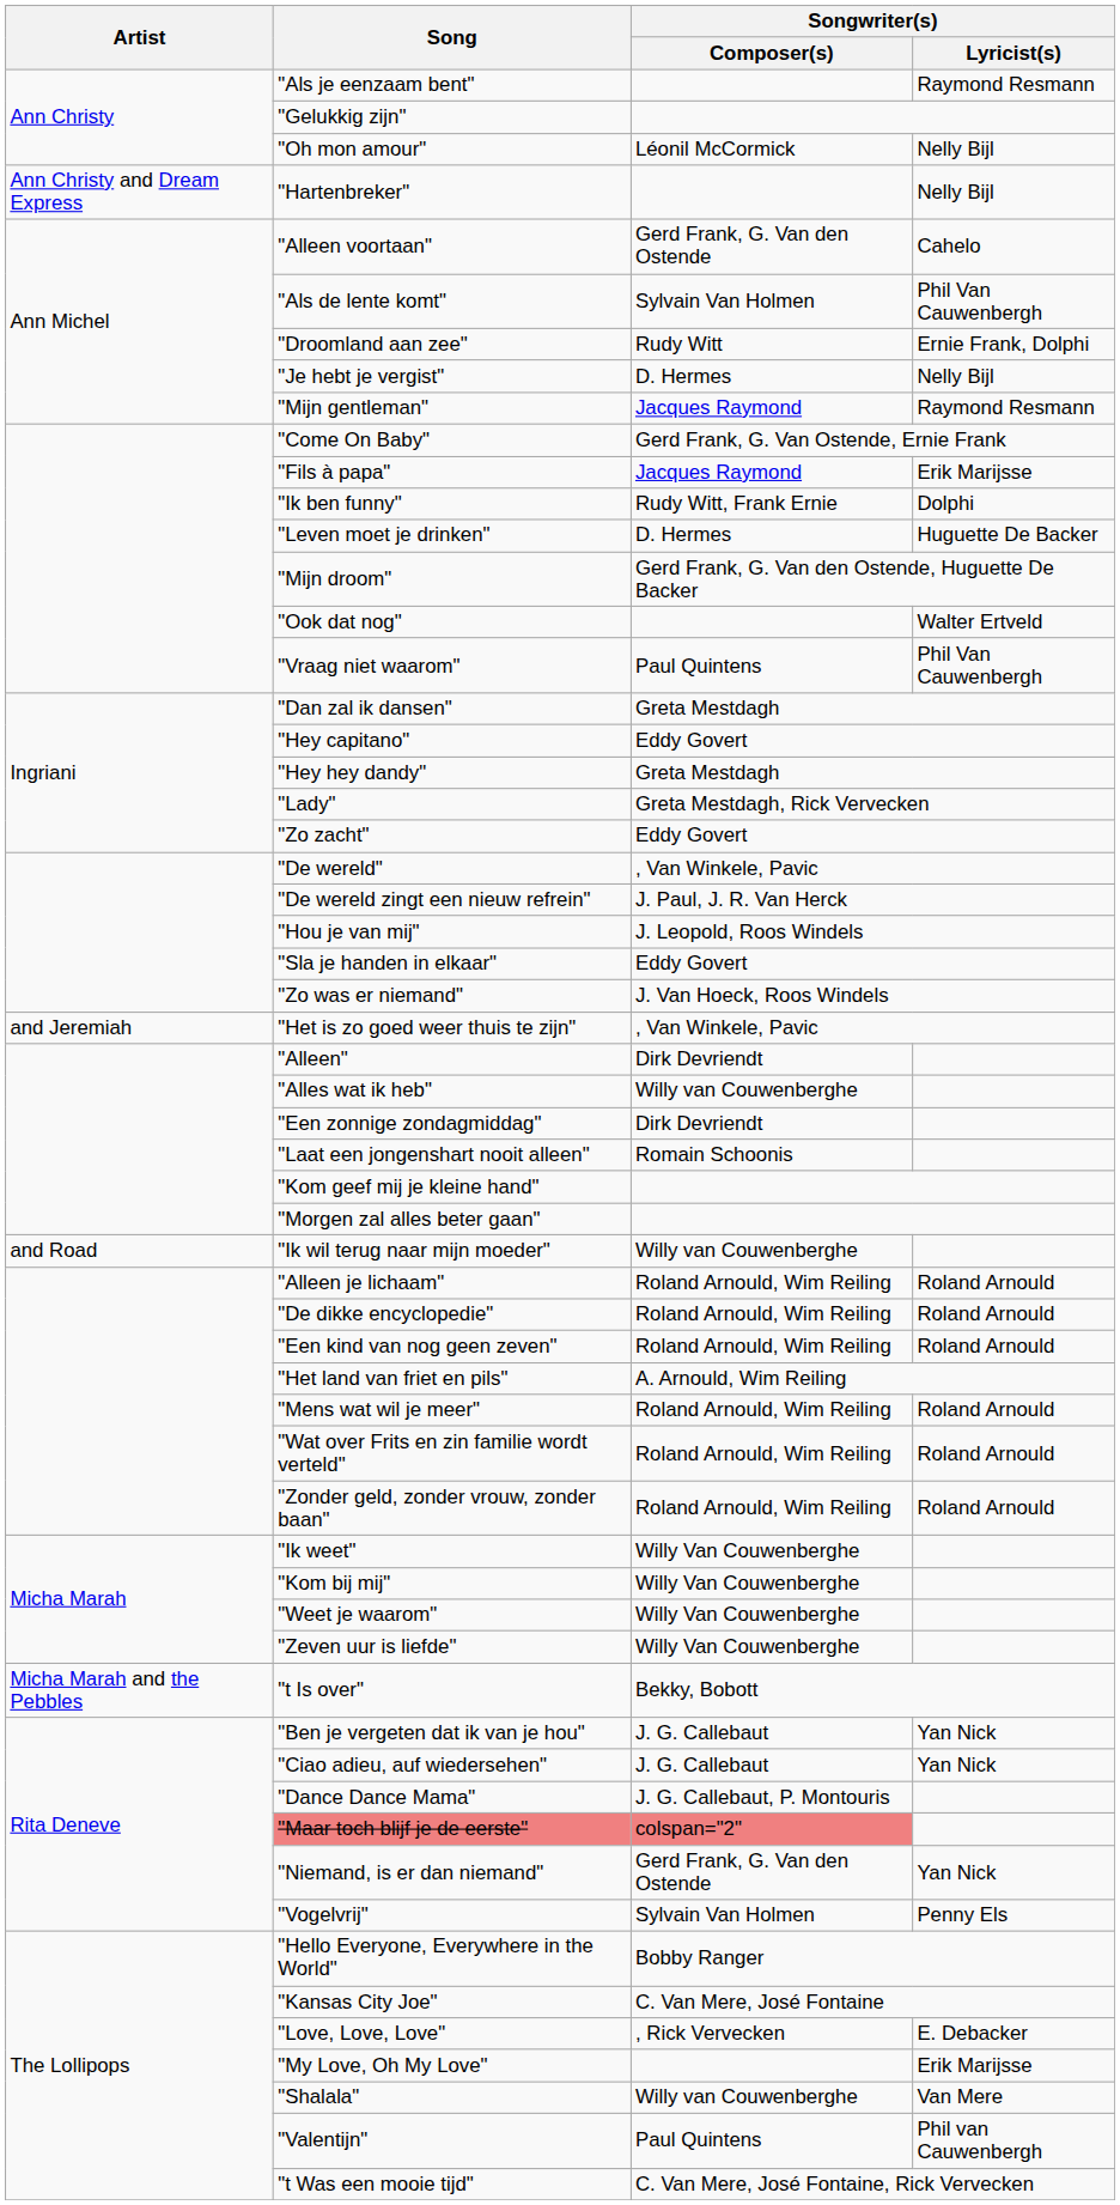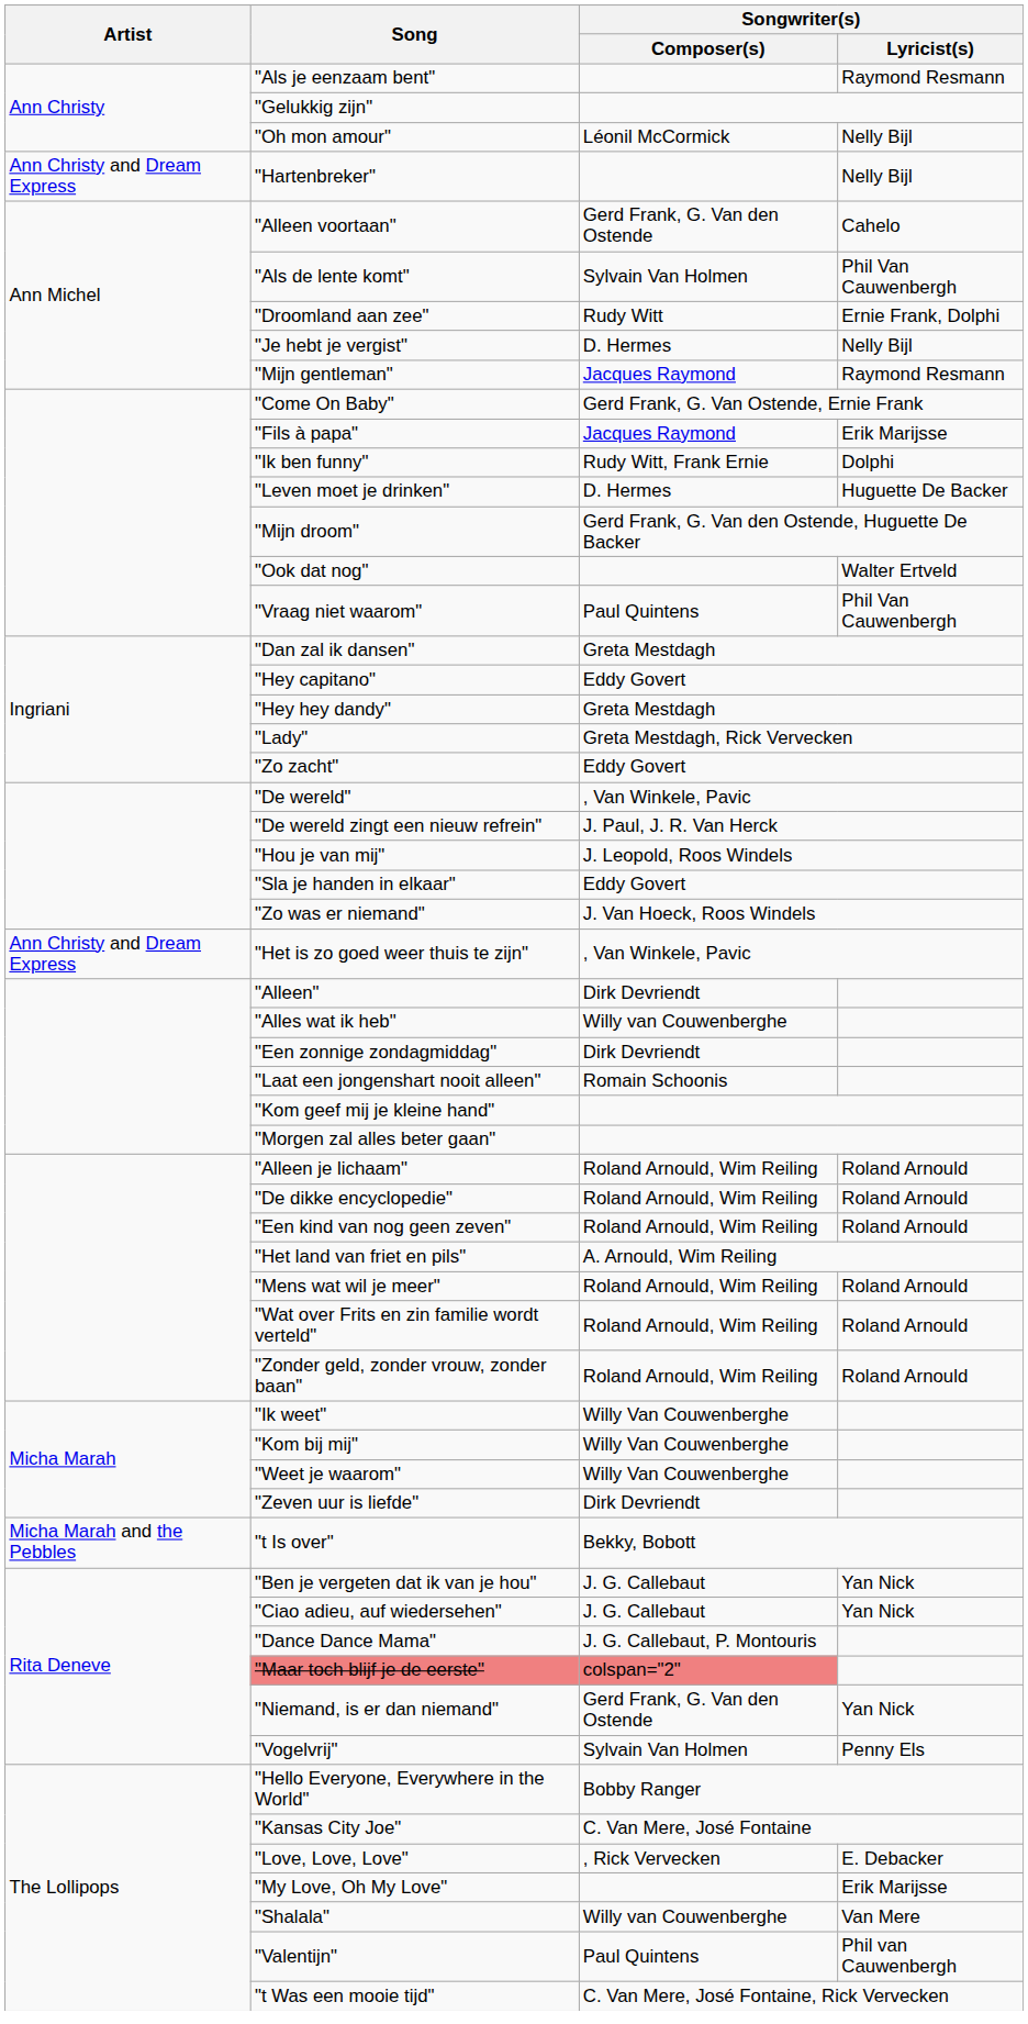 <table class="wikitable" style="margin: 1em auto 1em auto">
 <tr>
 <th rowspan="2">Artist</th>
 <th rowspan="2">Song</th>
 <th colspan="2">Songwriter(s)</th>
 </tr>
 <tr>
 <th>Composer(s)</th>
 <th>Lyricist(s)</th>
 </tr>
 <tr>
 <td rowspan="3"><a href='#'>Ann Christy</a></td>
 <td>"Als je eenzaam bent"</td>
 <td></td>
 <td>Raymond Resmann</td>
 </tr>
 <tr>
 <td>"Gelukkig zijn"</td>
 <td colspan="2"></td>
 </tr>
 <tr>
 <td>"Oh mon amour"</td>
 <td>Léonil McCormick</td>
 <td>Nelly Bijl</td>
 </tr>
 <tr>
 <td><a href='#'>Ann Christy</a> and <a href='#'>Dream Express</a></td>
 <td>"Hartenbreker"</td>
 <td></td>
 <td>Nelly Bijl</td>
 </tr>
 <tr>
 <td rowspan="5">Ann Michel</td>
 <td>"Alleen voortaan"</td>
 <td>Gerd Frank, G. Van den Ostende</td>
 <td>Cahelo</td>
 </tr>
 <tr>
 <td>"Als de lente komt"</td>
 <td>Sylvain Van Holmen</td>
 <td>Phil Van Cauwenbergh</td>
 </tr>
 <tr>
 <td>"Droomland aan zee"</td>
 <td>Rudy Witt</td>
 <td>Ernie Frank, Dolphi</td>
 </tr>
 <tr>
 <td>"Je hebt je vergist"</td>
 <td>D. Hermes</td>
 <td>Nelly Bijl</td>
 </tr>
 <tr>
 <td>"Mijn gentleman"</td>
 <td><a href='#'>Jacques Raymond</a></td>
 <td>Raymond Resmann</td>
 </tr>
 <tr>
 <td rowspan="7"></td>
 <td>"Come On Baby"</td>
 <td colspan="2">Gerd Frank, G. Van Ostende, Ernie Frank</td>
 </tr>
 <tr>
 <td>"Fils à papa"</td>
 <td><a href='#'>Jacques Raymond</a></td>
 <td>Erik Marijsse</td>
 </tr>
 <tr>
 <td>"Ik ben funny"</td>
 <td>Rudy Witt, Frank Ernie</td>
 <td>Dolphi</td>
 </tr>
 <tr>
 <td>"Leven moet je drinken"</td>
 <td>D. Hermes</td>
 <td>Huguette De Backer</td>
 </tr>
 <tr>
 <td>"Mijn droom"</td>
 <td colspan="2">Gerd Frank, G. Van den Ostende, Huguette De Backer</td>
 </tr>
 <tr>
 <td>"Ook dat nog"</td>
 <td></td>
 <td>Walter Ertveld</td>
 </tr>
 <tr>
 <td>"Vraag niet waarom"</td>
 <td>Paul Quintens</td>
 <td>Phil Van Cauwenbergh</td>
 </tr>
 <tr>
 <td rowspan="5">Ingriani</td>
 <td>"Dan zal ik dansen"</td>
 <td colspan="2">Greta Mestdagh</td>
 </tr>
 <tr>
 <td>"Hey capitano"</td>
 <td colspan="2">Eddy Govert</td>
 </tr>
 <tr>
 <td>"Hey hey dandy"</td>
 <td colspan="2">Greta Mestdagh</td>
 </tr>
 <tr>
 <td>"Lady"</td>
 <td colspan="2">Greta Mestdagh, Rick Vervecken</td>
 </tr>
 <tr>
 <td>"Zo zacht"</td>
 <td colspan="2">Eddy Govert</td>
 </tr>
 <tr>
 <td rowspan="5"></td>
 <td>"De wereld"</td>
 <td colspan="2">, Van Winkele, Pavic</td>
 </tr>
 <tr>
 <td>"De wereld zingt een nieuw refrein"</td>
 <td colspan="2">J. Paul, J. R. Van Herck</td>
 </tr>
 <tr>
 <td>"Hou je van mij"</td>
 <td colspan="2">J. Leopold, Roos Windels</td>
 </tr>
 <tr>
 <td>"Sla je handen in elkaar"</td>
 <td colspan="2">Eddy Govert</td>
 </tr>
 <tr>
 <td>"Zo was er niemand"</td>
 <td colspan="2">J. Van Hoeck, Roos Windels</td>
 </tr>
 <tr>
-<td> and Jeremiah</td>
+<td><a href='#'>Ann Christy</a> and <a href='#'>Dream Express</a></td>
 <td>"Het is zo goed weer thuis te zijn"</td>
 <td colspan="2">, Van Winkele, Pavic</td>
 </tr>
 <tr>
 <td rowspan="6"></td>
 <td>"Alleen"</td>
 <td>Dirk Devriendt</td>
 <td></td>
 </tr>
 <tr>
 <td>"Alles wat ik heb"</td>
 <td>Willy van Couwenberghe</td>
 <td></td>
 </tr>
 <tr>
 <td>"Een zonnige zondagmiddag"</td>
 <td>Dirk Devriendt</td>
 <td></td>
 </tr>
 <tr>
 <td>"Laat een jongenshart nooit alleen"</td>
 <td>Romain Schoonis</td>
 <td></td>
 </tr>
 <tr>
 <td>"Kom geef mij je kleine hand"</td>
 <td colspan="2"></td>
 </tr>
 <tr>
 <td>"Morgen zal alles beter gaan"</td>
 <td colspan="2"></td>
-</tr>
-<tr>
-<td> and Road</td>
-<td>"Ik wil terug naar mijn moeder"</td>
-<td>Willy van Couwenberghe</td>
-<td></td>
 </tr>
 <tr>
 <td rowspan="7"></td>
 <td>"Alleen je lichaam"</td>
 <td>Roland Arnould, Wim Reiling</td>
 <td>Roland Arnould</td>
 </tr>
 <tr>
 <td>"De dikke encyclopedie"</td>
 <td>Roland Arnould, Wim Reiling</td>
 <td>Roland Arnould</td>
 </tr>
 <tr>
 <td>"Een kind van nog geen zeven"</td>
 <td>Roland Arnould, Wim Reiling</td>
 <td>Roland Arnould</td>
 </tr>
 <tr>
 <td>"Het land van friet en pils"</td>
 <td colspan="2">A. Arnould, Wim Reiling</td>
 </tr>
 <tr>
 <td>"Mens wat wil je meer"</td>
 <td>Roland Arnould, Wim Reiling</td>
 <td>Roland Arnould</td>
 </tr>
 <tr>
 <td>"Wat over Frits en zin familie wordt verteld"</td>
 <td>Roland Arnould, Wim Reiling</td>
 <td>Roland Arnould</td>
 </tr>
 <tr>
 <td>"Zonder geld, zonder vrouw, zonder baan"</td>
 <td>Roland Arnould, Wim Reiling</td>
 <td>Roland Arnould</td>
 </tr>
 <tr>
 <td rowspan="4"><a href='#'>Micha Marah</a></td>
 <td>"Ik weet"</td>
 <td>Willy Van Couwenberghe</td>
 <td></td>
 </tr>
 <tr>
 <td>"Kom bij mij"</td>
 <td>Willy Van Couwenberghe</td>
 <td></td>
 </tr>
 <tr>
 <td>"Weet je waarom"</td>
 <td>Willy Van Couwenberghe</td>
 <td></td>
 </tr>
 <tr>
 <td>"Zeven uur is liefde"</td>
-<td>Willy Van Couwenberghe</td>
+<td>Dirk Devriendt</td>
 <td></td>
 </tr>
 <tr>
 <td><a href='#'>Micha Marah</a> and <a href='#'>the Pebbles</a></td>
 <td>"t Is over"</td>
 <td colspan="2">Bekky, Bobott</td>
 </tr>
 <tr>
 <td rowspan="6"><a href='#'>Rita Deneve</a></td>
 <td>"Ben je vergeten dat ik van je hou"</td>
 <td>J. G. Callebaut</td>
 <td>Yan Nick</td>
 </tr>
 <tr>
 <td>"Ciao adieu, auf wiedersehen"</td>
 <td>J. G. Callebaut</td>
 <td>Yan Nick</td>
 </tr>
 <tr>
 <td>"Dance Dance Mama"</td>
 <td>J. G. Callebaut, P. Montouris</td>
 <td></td>
 </tr>
 <tr bgcolor="#F08080">
 <td><s>"Maar toch blijf je de eerste"</s></td>
 <td>colspan="2" </td>
 </tr>
 <tr>
 <td>"Niemand, is er dan niemand"</td>
 <td>Gerd Frank, G. Van den Ostende</td>
 <td>Yan Nick</td>
 </tr>
 <tr>
 <td>"Vogelvrij"</td>
 <td>Sylvain Van Holmen</td>
 <td>Penny Els</td>
 </tr>
 <tr>
 <td rowspan="7">The Lollipops</td>
 <td>"Hello Everyone, Everywhere in the World"</td>
 <td colspan="2">Bobby Ranger</td>
 </tr>
 <tr>
 <td>"Kansas City Joe"</td>
 <td colspan="2">C. Van Mere, José Fontaine</td>
 </tr>
 <tr>
 <td>"Love, Love, Love"</td>
 <td>, Rick Vervecken</td>
 <td>E. Debacker</td>
 </tr>
 <tr>
 <td>"My Love, Oh My Love"</td>
 <td></td>
 <td>Erik Marijsse</td>
 </tr>
 <tr>
 <td>"Shalala"</td>
 <td>Willy van Couwenberghe</td>
 <td>Van Mere</td>
 </tr>
 <tr>
 <td>"Valentijn"</td>
 <td>Paul Quintens</td>
 <td>Phil van Cauwenbergh</td>
 </tr>
 <tr>
 <td>"t Was een mooie tijd"</td>
 <td colspan="2">C. Van Mere, José Fontaine, Rick Vervecken</td>
 </tr>
 </table>
